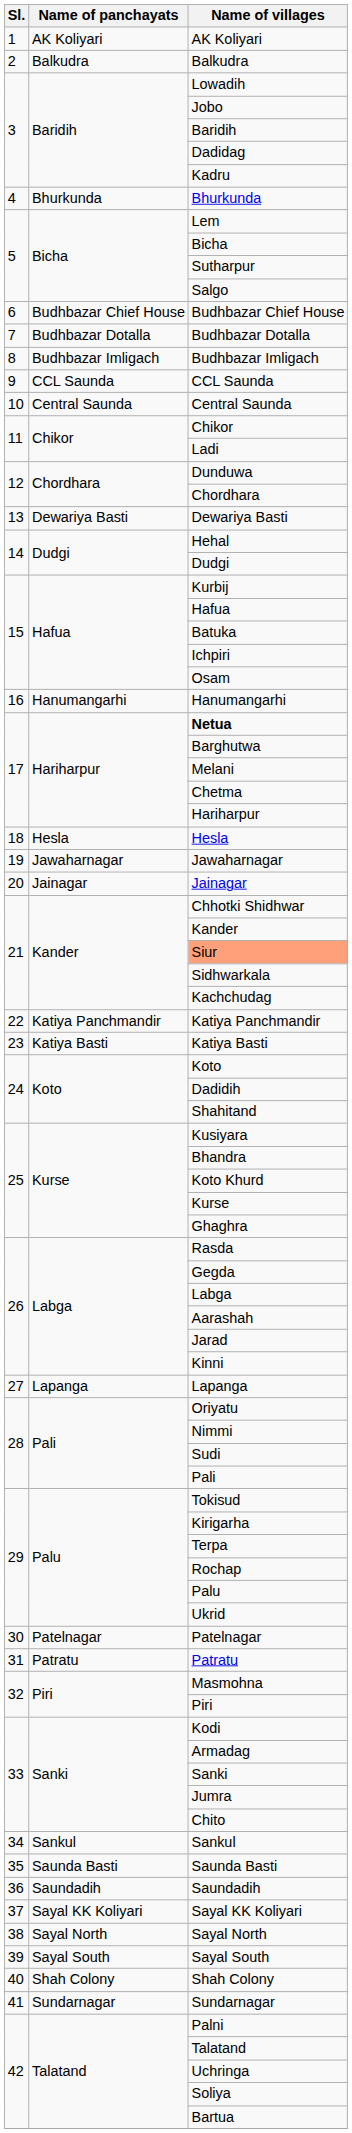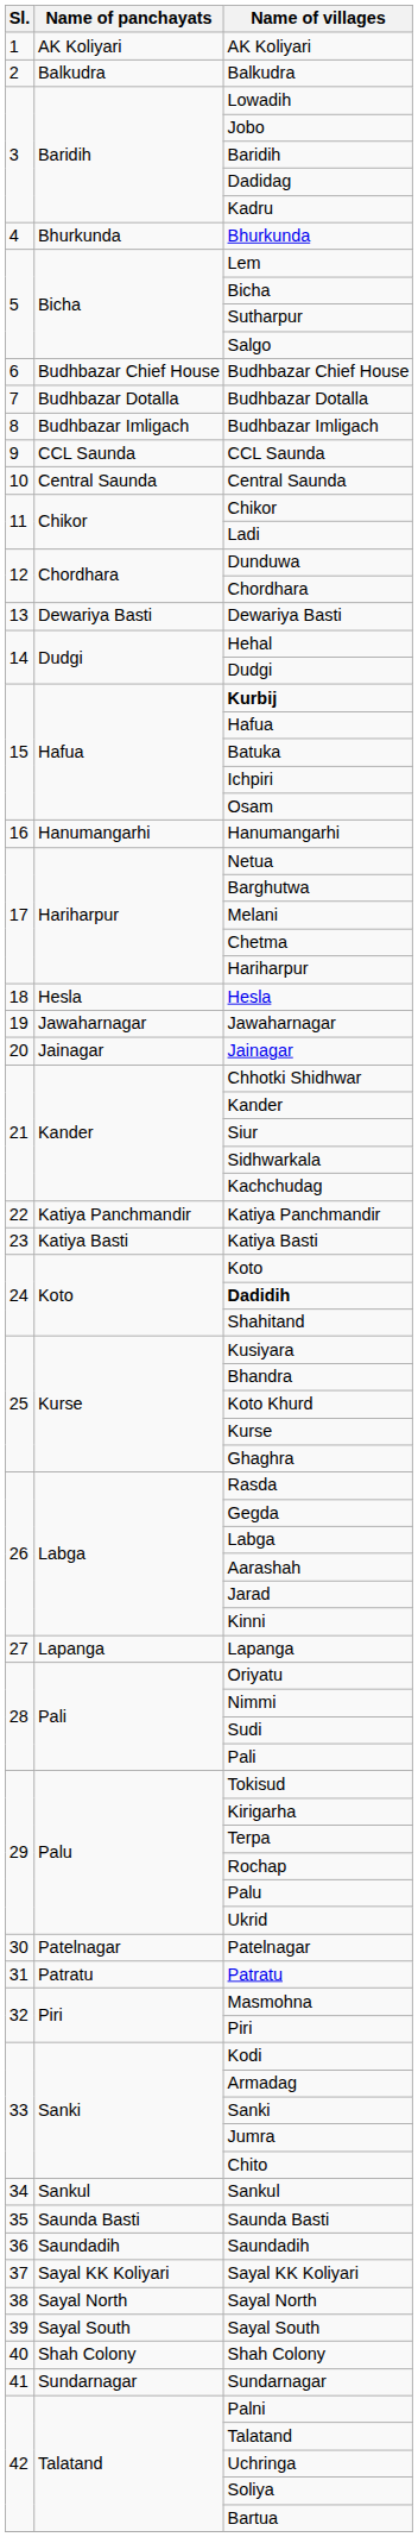 <table class="wikitable plainrowheaders sortable">
 <tr>
 <th scope="col">Sl.</th>
 <th scope="col">Name of panchayats</th>
 <th scope="col">Name of villages</th>
 </tr>
 <tr>
 <td>1</td>
 <td>AK Koliyari</td>
 <td>AK Koliyari</td>
 </tr>
 <tr>
 <td>2</td>
 <td>Balkudra</td>
 <td>Balkudra</td>
 </tr>
 <tr>
 <td rowspan="5">3</td>
 <td rowspan="5">Baridih</td>
 <td>Lowadih</td>
 </tr>
 <tr>
 <td>Jobo</td>
 </tr>
 <tr>
 <td>Baridih</td>
 </tr>
 <tr>
 <td>Dadidag</td>
 </tr>
 <tr>
 <td>Kadru</td>
 </tr>
 <tr>
 <td>4</td>
 <td>Bhurkunda</td>
 <td><a href='#'>Bhurkunda</a></td>
 </tr>
 <tr>
 <td rowspan="4">5</td>
 <td rowspan="4">Bicha</td>
 <td>Lem</td>
 </tr>
 <tr>
 <td>Bicha</td>
 </tr>
 <tr>
 <td>Sutharpur</td>
 </tr>
 <tr>
 <td>Salgo</td>
 </tr>
 <tr>
 <td>6</td>
 <td>Budhbazar Chief House</td>
 <td>Budhbazar Chief House</td>
 </tr>
 <tr>
 <td>7</td>
 <td>Budhbazar Dotalla</td>
 <td>Budhbazar Dotalla</td>
 </tr>
 <tr>
 <td>8</td>
 <td>Budhbazar Imligach</td>
 <td>Budhbazar Imligach</td>
 </tr>
 <tr>
 <td>9</td>
 <td>CCL Saunda</td>
 <td>CCL Saunda</td>
 </tr>
 <tr>
 <td>10</td>
 <td>Central Saunda</td>
 <td>Central Saunda</td>
 </tr>
 <tr>
 <td rowspan="2">11</td>
 <td rowspan="2">Chikor</td>
 <td>Chikor</td>
 </tr>
 <tr>
 <td>Ladi</td>
 </tr>
 <tr>
 <td rowspan="2">12</td>
 <td rowspan="2">Chordhara</td>
 <td>Dunduwa</td>
 </tr>
 <tr>
 <td>Chordhara</td>
 </tr>
 <tr>
 <td>13</td>
 <td>Dewariya Basti</td>
 <td>Dewariya Basti</td>
 </tr>
 <tr>
 <td rowspan="2">14</td>
 <td rowspan="2">Dudgi</td>
 <td>Hehal</td>
 </tr>
 <tr>
 <td>Dudgi</td>
 </tr>
 <tr>
 <td rowspan="5">15</td>
 <td rowspan="5">Hafua</td>
-<td>Kurbij</td>
+<td><strong>Kurbij</strong></td>
 </tr>
 <tr>
 <td>Hafua</td>
 </tr>
 <tr>
 <td>Batuka</td>
 </tr>
 <tr>
 <td>Ichpiri</td>
 </tr>
 <tr>
 <td>Osam</td>
 </tr>
 <tr>
 <td>16</td>
 <td>Hanumangarhi</td>
 <td>Hanumangarhi</td>
 </tr>
 <tr>
 <td rowspan="5">17</td>
 <td rowspan="5">Hariharpur</td>
-<td><strong>Netua</strong></td>
+<td>Netua</td>
 </tr>
 <tr>
 <td>Barghutwa</td>
 </tr>
 <tr>
 <td>Melani</td>
 </tr>
 <tr>
 <td>Chetma</td>
 </tr>
 <tr>
 <td>Hariharpur</td>
 </tr>
 <tr>
 <td>18</td>
 <td>Hesla</td>
 <td><a href='#'>Hesla</a></td>
 </tr>
 <tr>
 <td>19</td>
 <td>Jawaharnagar</td>
 <td>Jawaharnagar</td>
 </tr>
 <tr>
 <td>20</td>
 <td>Jainagar</td>
 <td><a href='#'>Jainagar</a></td>
 </tr>
 <tr>
 <td rowspan="5">21</td>
 <td rowspan="5">Kander</td>
 <td>Chhotki Shidhwar</td>
 </tr>
 <tr>
 <td>Kander</td>
 </tr>
 <tr>
-<td style="background: lightsalmon;">Siur</td>
+<td>Siur</td>
 </tr>
 <tr>
 <td>Sidhwarkala</td>
 </tr>
 <tr>
 <td>Kachchudag</td>
 </tr>
 <tr>
 <td>22</td>
 <td>Katiya Panchmandir</td>
 <td>Katiya Panchmandir</td>
 </tr>
 <tr>
 <td>23</td>
 <td>Katiya Basti</td>
 <td>Katiya Basti</td>
 </tr>
 <tr>
 <td rowspan="3">24</td>
 <td rowspan="3">Koto</td>
 <td>Koto</td>
 </tr>
 <tr>
-<td>Dadidih</td>
+<td><strong>Dadidih</strong></td>
 </tr>
 <tr>
 <td>Shahitand</td>
 </tr>
 <tr>
 <td rowspan="5">25</td>
 <td rowspan="5">Kurse</td>
 <td>Kusiyara</td>
 </tr>
 <tr>
 <td>Bhandra</td>
 </tr>
 <tr>
 <td>Koto Khurd</td>
 </tr>
 <tr>
 <td>Kurse</td>
 </tr>
 <tr>
 <td>Ghaghra</td>
 </tr>
 <tr>
 <td rowspan="6">26</td>
 <td rowspan="6">Labga</td>
 <td>Rasda</td>
 </tr>
 <tr>
 <td>Gegda</td>
 </tr>
 <tr>
 <td>Labga</td>
 </tr>
 <tr>
 <td>Aarashah</td>
 </tr>
 <tr>
 <td>Jarad</td>
 </tr>
 <tr>
 <td>Kinni</td>
 </tr>
 <tr>
 <td>27</td>
 <td>Lapanga</td>
 <td>Lapanga</td>
 </tr>
 <tr>
 <td rowspan="4">28</td>
 <td rowspan="4">Pali</td>
 <td>Oriyatu</td>
 </tr>
 <tr>
 <td>Nimmi</td>
 </tr>
 <tr>
 <td>Sudi</td>
 </tr>
 <tr>
 <td>Pali</td>
 </tr>
 <tr>
 <td rowspan="6">29</td>
 <td rowspan="6">Palu</td>
 <td>Tokisud</td>
 </tr>
 <tr>
 <td>Kirigarha</td>
 </tr>
 <tr>
 <td>Terpa</td>
 </tr>
 <tr>
 <td>Rochap</td>
 </tr>
 <tr>
 <td>Palu</td>
 </tr>
 <tr>
 <td>Ukrid</td>
 </tr>
 <tr>
 <td>30</td>
 <td>Patelnagar</td>
 <td>Patelnagar</td>
 </tr>
 <tr>
 <td>31</td>
 <td>Patratu</td>
 <td><a href='#'>Patratu</a></td>
 </tr>
 <tr>
 <td rowspan="2">32</td>
 <td rowspan="2">Piri</td>
 <td>Masmohna</td>
 </tr>
 <tr>
 <td>Piri</td>
 </tr>
 <tr>
 <td rowspan="5">33</td>
 <td rowspan="5">Sanki</td>
 <td>Kodi</td>
 </tr>
 <tr>
 <td>Armadag</td>
 </tr>
 <tr>
 <td>Sanki</td>
 </tr>
 <tr>
 <td>Jumra</td>
 </tr>
 <tr>
 <td>Chito</td>
 </tr>
 <tr>
 <td>34</td>
 <td>Sankul</td>
 <td>Sankul</td>
 </tr>
 <tr>
 <td>35</td>
 <td>Saunda Basti</td>
 <td>Saunda Basti</td>
 </tr>
 <tr>
 <td>36</td>
 <td>Saundadih</td>
 <td>Saundadih</td>
 </tr>
 <tr>
 <td>37</td>
 <td>Sayal KK Koliyari</td>
 <td>Sayal KK Koliyari</td>
 </tr>
 <tr>
 <td>38</td>
 <td>Sayal North</td>
 <td>Sayal North</td>
 </tr>
 <tr>
 <td>39</td>
 <td>Sayal South</td>
 <td>Sayal South</td>
 </tr>
 <tr>
 <td>40</td>
 <td>Shah Colony</td>
 <td>Shah Colony</td>
 </tr>
 <tr>
 <td>41</td>
 <td>Sundarnagar</td>
 <td>Sundarnagar</td>
 </tr>
 <tr>
 <td rowspan="5">42</td>
 <td rowspan="5">Talatand</td>
 <td>Palni</td>
 </tr>
 <tr>
 <td>Talatand</td>
 </tr>
 <tr>
 <td>Uchringa</td>
 </tr>
 <tr>
 <td>Soliya</td>
 </tr>
 <tr>
 <td>Bartua</td>
 </tr>
 <tr>
 </tr>
 </table>
